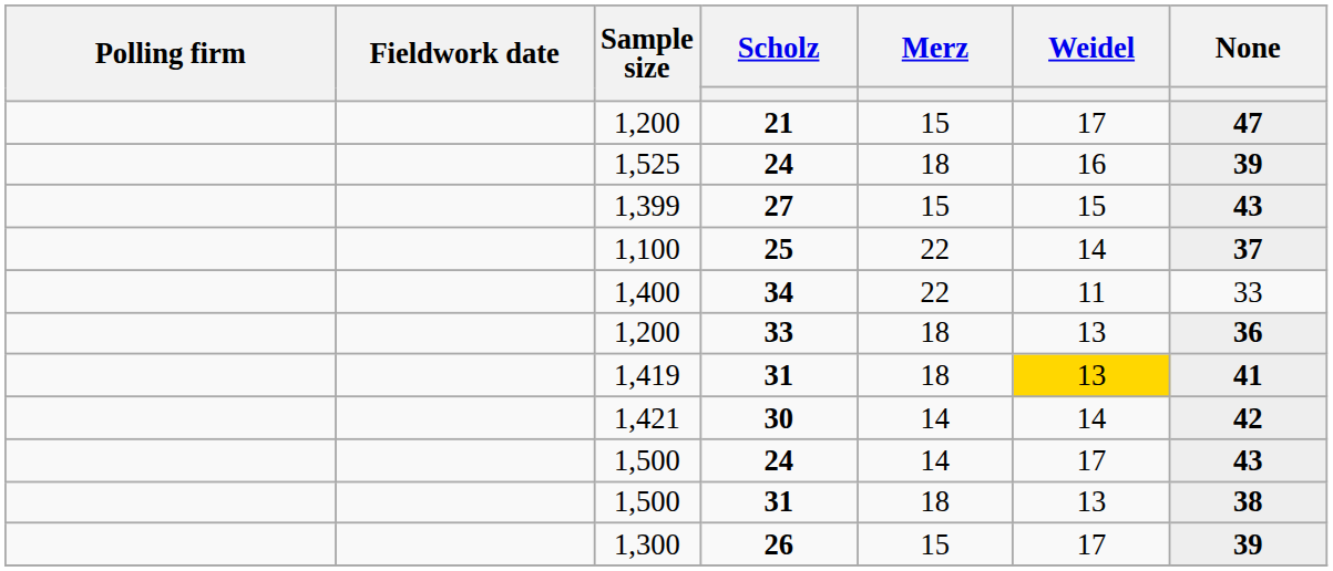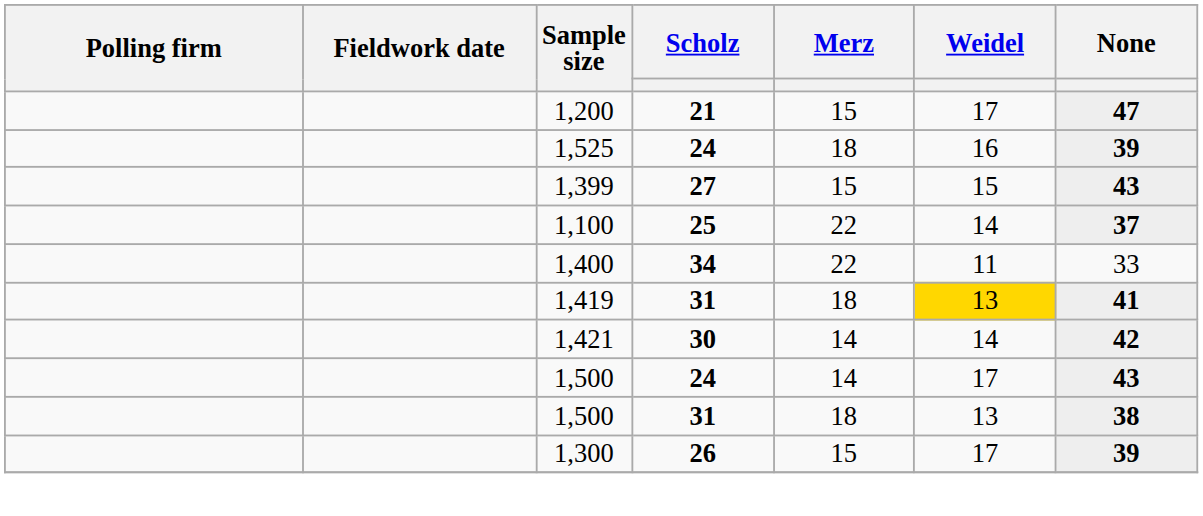 <table class="wikitable sortable mw-datatable" style="text-align:center;font-size:90%;line-height:14px;">
 <tr style="height:40px;">
 <th style="width:155px;" rowspan="2">Polling firm</th>
 <th style="width:120px;" rowspan="2">Fieldwork date</th>
 <th style="width: 35px;" rowspan="2">Sample<br>size</th>
 <th class="unsortable" style="width:70px;"><a href='#'>Scholz</a><br></th>
 <th class="unsortable" style="width:70px;"><a href='#'>Merz</a><br></th>
 <th class="unsortable" style="width:70px;"><a href='#'>Weidel</a><br></th>
 <th class="unsortable" style="width:70px;">None</th>
 </tr>
 <tr>
 <th style="background:"></th>
 <th style="background:"></th>
 <th style="background:"></th>
 <th style="background:"></th>
 </tr>
 <tr>
 <td></td>
 <td></td>
 <td>1,200</td>
 <td><strong>21</strong></td>
 <td>15</td>
 <td>17</td>
 <td style="background:#EEEEEE;"><strong>47</strong></td>
 </tr>
 <tr>
 <td></td>
 <td></td>
 <td>1,525</td>
 <td><strong>24</strong></td>
 <td>18</td>
 <td>16</td>
 <td style="background:#EEEEEE;"><strong>39</strong></td>
 </tr>
 <tr>
 <td></td>
 <td></td>
 <td>1,399</td>
 <td><strong>27</strong></td>
 <td>15</td>
 <td>15</td>
 <td style="background:#EEEEEE;"><strong>43</strong></td>
 </tr>
 <tr>
 <td></td>
 <td></td>
 <td>1,100</td>
 <td><strong>25</strong></td>
 <td>22</td>
 <td>14</td>
 <td style="background:#EEEEEE;"><strong>37</strong></td>
 </tr>
 <tr>
 <td></td>
 <td></td>
 <td>1,400</td>
 <td><strong>34</strong></td>
 <td>22</td>
 <td>11</td>
 <td>33</td>
 </tr>
 <tr>
 <td></td>
 <td></td>
-<td>1,200</td>
-<td><strong>33</strong></td>
-<td>18</td>
-<td>13</td>
-<td style="background:#EEEEEE;"><strong>36</strong></td>
-</tr>
-<tr>
-<td></td>
-<td></td>
 <td>1,419</td>
 <td><strong>31</strong></td>
 <td>18</td>
 <td style="background: gold;">13</td>
 <td style="background:#EEEEEE;"><strong>41</strong></td>
 </tr>
 <tr>
 <td></td>
 <td></td>
 <td>1,421</td>
 <td><strong>30</strong></td>
 <td>14</td>
 <td>14</td>
 <td style="background:#EEEEEE;"><strong>42</strong></td>
 </tr>
 <tr>
 <td></td>
 <td></td>
 <td>1,500</td>
 <td><strong>24</strong></td>
 <td>14</td>
 <td>17</td>
 <td style="background:#EEEEEE;"><strong>43</strong></td>
 </tr>
 <tr>
 <td></td>
 <td></td>
 <td>1,500</td>
 <td><strong>31</strong></td>
 <td>18</td>
 <td>13</td>
 <td style="background:#EEEEEE;"><strong>38</strong></td>
 </tr>
 <tr>
 <td></td>
 <td></td>
 <td>1,300</td>
 <td><strong>26</strong></td>
 <td>15</td>
 <td>17</td>
 <td style="background:#EEEEEE;"><strong>39</strong></td>
 </tr>
 <tr>
 </tr>
 </table>
